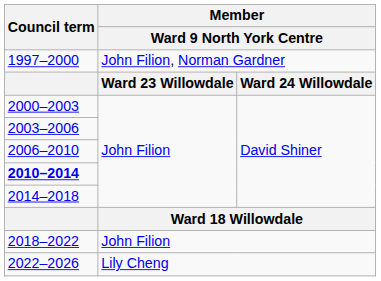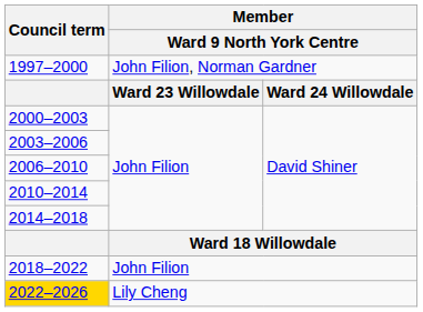 <table class="wikitable">
 <tr>
 <th rowspan="2">Council term</th>
 <th colspan="2">Member</th>
 </tr>
 <tr>
 <th colspan="2">Ward 9 North York Centre</th>
 </tr>
 <tr>
 <td><a href='#'>1997–2000</a></td>
 <td colspan="2"><a href='#'>John Filion</a>, <a href='#'>Norman Gardner</a></td>
 </tr>
 <tr>
 <th></th>
 <th>Ward 23 Willowdale</th>
 <th>Ward 24 Willowdale</th>
 </tr>
 <tr>
 <td><a href='#'>2000–2003</a></td>
 <td rowspan="5"><a href='#'>John Filion</a></td>
 <td rowspan="5"><a href='#'>David Shiner</a></td>
 </tr>
 <tr>
 <td><a href='#'>2003–2006</a></td>
 </tr>
 <tr>
 <td><a href='#'>2006–2010</a></td>
 </tr>
 <tr>
-<td><strong><a href='#'>2010–2014</a></strong></td>
+<td><a href='#'>2010–2014</a></td>
 </tr>
 <tr>
 <td><a href='#'>2014–2018</a></td>
 </tr>
 <tr>
 <th></th>
 <th colspan="2">Ward 18 Willowdale</th>
 </tr>
 <tr>
 <td><a href='#'>2018–2022</a></td>
 <td colspan="2"><a href='#'>John Filion</a></td>
 </tr>
 <tr>
-<td><a href='#'>2022–2026</a></td>
+<td style="background: gold;"><a href='#'>2022–2026</a></td>
 <td colspan="2"><a href='#'>Lily Cheng</a></td>
 </tr>
 </table>
